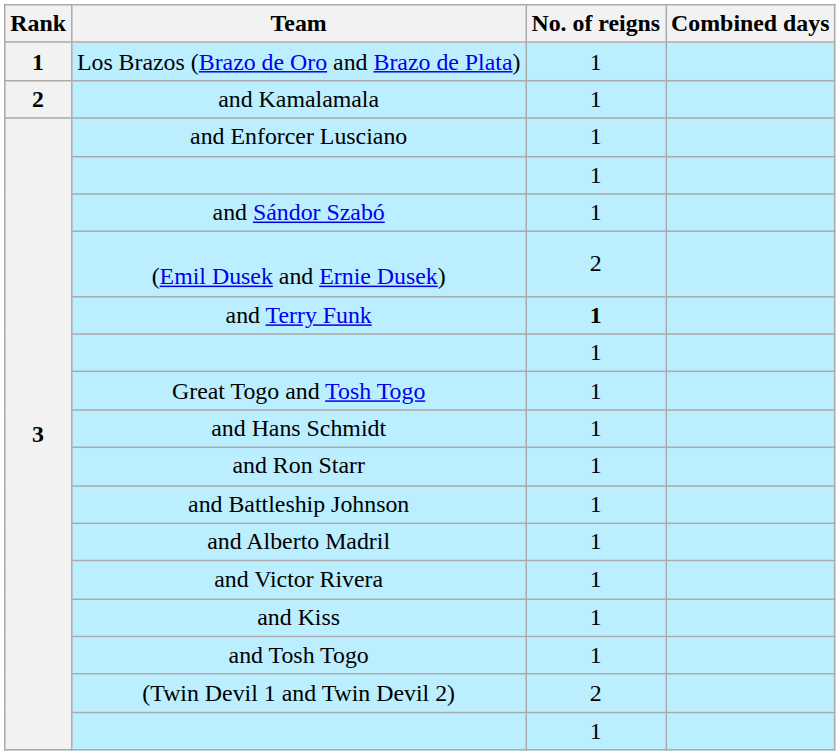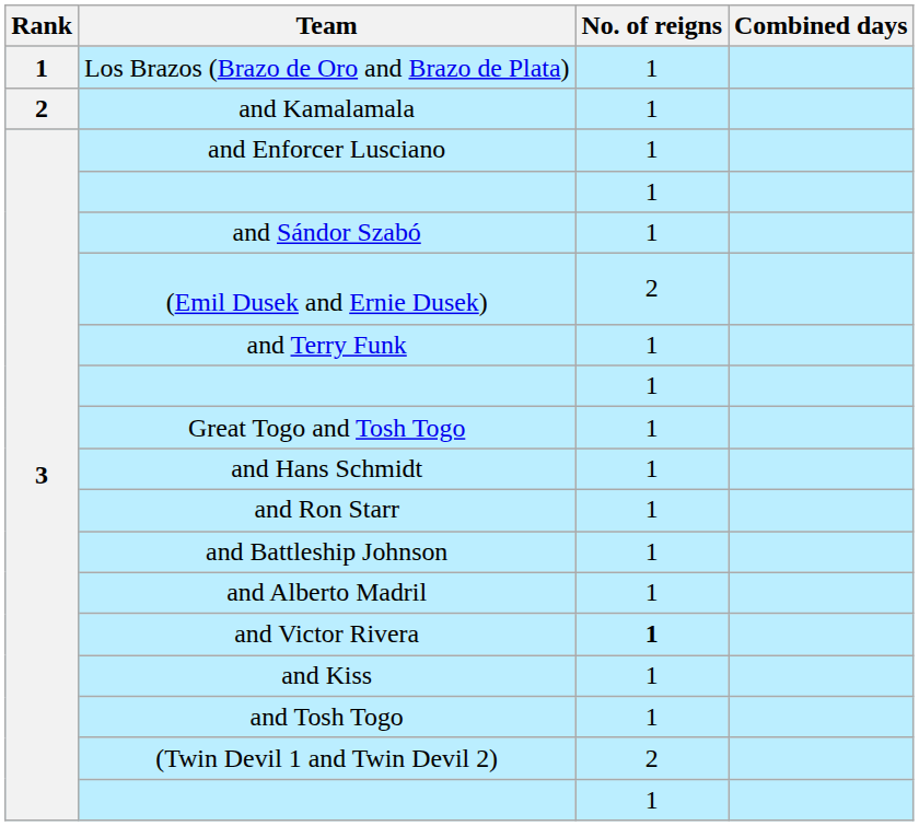 <table class="wikitable sortable" style="text-align: center">
 <tr>
 <th data-sort-type="number" scope="col">Rank</th>
 <th scope="col">Team</th>
 <th data-sort-type="number" scope="col">No. of reigns</th>
 <th data-sort-type="number" scope="col">Combined days</th>
 </tr>
 <tr style="background-color:#bbeeff">
 <th scope="row">1</th>
 <td>Los Brazos (<a href='#'>Brazo de Oro</a> and <a href='#'>Brazo de Plata</a>)</td>
 <td>1</td>
 <td></td>
 </tr>
 <tr style="background-color:#bbeeff">
 <th scope="row">2</th>
 <td> and Kamalamala</td>
 <td>1</td>
 <td></td>
 </tr>
 <tr style="background-color:#bbeeff">
 <th scope="row" rowspan=16>3</th>
 <td> and Enforcer Lusciano</td>
 <td>1</td>
 <td></td>
 </tr>
 <tr style="background-color:#bbeeff">
 <td></td>
 <td>1</td>
 <td></td>
 </tr>
 <tr style="background-color:#bbeeff">
 <td> and <a href='#'>Sándor Szabó</a></td>
 <td>1</td>
 <td></td>
 </tr>
 <tr style="background-color:#bbeeff">
 <td><br>(<a href='#'>Emil Dusek</a> and <a href='#'>Ernie Dusek</a>)</td>
 <td>2</td>
 <td></td>
 </tr>
 <tr style="background-color:#bbeeff">
 <td> and <a href='#'>Terry Funk</a></td>
-<td><strong>1</strong></td>
+<td>1</td>
 <td></td>
 </tr>
 <tr style="background-color:#bbeeff">
 <td></td>
 <td>1</td>
 <td></td>
 </tr>
 <tr style="background-color:#bbeeff">
 <td>Great Togo and <a href='#'>Tosh Togo</a></td>
 <td>1</td>
 <td></td>
 </tr>
 <tr style="background-color:#bbeeff">
 <td> and Hans Schmidt</td>
 <td>1</td>
 <td></td>
 </tr>
 <tr style="background-color:#bbeeff">
 <td> and Ron Starr</td>
 <td>1</td>
 <td></td>
 </tr>
 <tr style="background-color:#bbeeff">
 <td> and Battleship Johnson</td>
 <td>1</td>
 <td></td>
 </tr>
 <tr style="background-color:#bbeeff">
 <td> and Alberto Madril</td>
 <td>1</td>
 <td></td>
 </tr>
 <tr style="background-color:#bbeeff">
 <td> and Victor Rivera</td>
-<td>1</td>
+<td><strong>1</strong></td>
 <td></td>
 </tr>
 <tr style="background-color:#bbeeff">
 <td> and Kiss</td>
 <td>1</td>
 <td></td>
 </tr>
 <tr style="background-color:#bbeeff">
 <td> and Tosh Togo</td>
 <td>1</td>
 <td></td>
 </tr>
 <tr style="background-color:#bbeeff">
 <td> (Twin Devil 1 and Twin Devil 2)</td>
 <td>2</td>
 <td></td>
 </tr>
 <tr style="background-color:#bbeeff">
 <td></td>
 <td>1</td>
 <td></td>
 </tr>
 </table>
